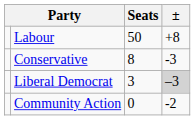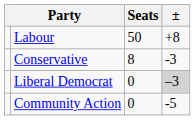 <table class="wikitable">
 <tr>
 <th colspan="2">Party</th>
 <th>Seats</th>
 <th>  ±  </th>
 </tr>
 <tr>
 <td style="background-color: "></td>
 <td><a href='#'>Labour</a></td>
 <td>50</td>
 <td>+8</td>
 </tr>
 <tr>
 <td style="background-color: "></td>
 <td><a href='#'>Conservative</a></td>
 <td>8</td>
 <td>-3</td>
 </tr>
 <tr>
 <td style="background-color: "></td>
 <td><a href='#'>Liberal Democrat</a></td>
-<td>3</td>
+<td>0</td>
 <td style="background: lightgrey;">–3</td>
 </tr>
 <tr>
 <td style="background-color: "></td>
 <td><a href='#'>Community Action</a></td>
 <td>0</td>
-<td>-2</td>
+<td>-5</td>
 </tr>
 </table>
